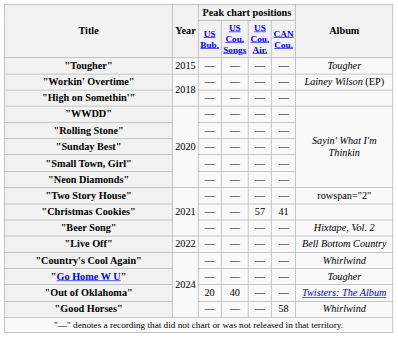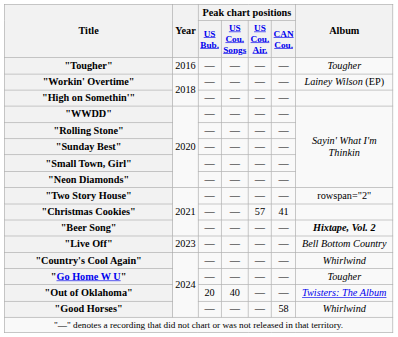 <table class="wikitable plainrowheaders" style="text-align:center;">
 <tr>
 <th scope="col" rowspan="2" style="width:16em;">Title</th>
 <th scope="col" rowspan="2">Year</th>
 <th scope="col" colspan="4">Peak chart positions</th>
 <th scope="col" rowspan="2">Album</th>
 </tr>
 <tr>
 <th scope="col" style="width:2em;font-size:90%;"><a href='#'>US<br>Bub.</a><br></th>
 <th scope="col" style="width:2em;font-size:90%;"><a href='#'>US<br>Cou.<br>Songs</a><br></th>
 <th scope="col" style="width:2em;font-size:90%;"><a href='#'>US<br>Cou.<br>Air.</a><br></th>
 <th scope="col" style="width:2em;font-size:90%;"><a href='#'>CAN<br>Cou.</a><br></th>
 </tr>
 <tr>
 <th scope="row">"Tougher"</th>
-<td>2015</td>
+<td>2016</td>
 <td>—</td>
 <td>—</td>
 <td>—</td>
 <td>—</td>
 <td><em>Tougher</em></td>
 </tr>
 <tr>
 <th scope="row">"Workin' Overtime"</th>
 <td rowspan="2">2018</td>
 <td>—</td>
 <td>—</td>
 <td>—</td>
 <td>—</td>
 <td><em>Lainey Wilson</em> (EP)</td>
 </tr>
 <tr>
 <th scope="row">"High on Somethin'"</th>
 <td>—</td>
 <td>—</td>
 <td>—</td>
 <td>—</td>
 <td></td>
 </tr>
 <tr>
 <th scope="row">"WWDD"</th>
 <td rowspan="5">2020</td>
 <td>—</td>
 <td>—</td>
 <td>—</td>
 <td>—</td>
 <td rowspan="5"><em>Sayin' What I'm Thinkin</em></td>
 </tr>
 <tr>
 <th scope="row">"Rolling Stone"</th>
 <td>—</td>
 <td>—</td>
 <td>—</td>
 <td>—</td>
 </tr>
 <tr>
 <th scope="row">"Sunday Best"</th>
 <td>—</td>
 <td>—</td>
 <td>—</td>
 <td>—</td>
 </tr>
 <tr>
 <th scope="row">"Small Town, Girl"</th>
 <td>—</td>
 <td>—</td>
 <td>—</td>
 <td>—</td>
 </tr>
 <tr>
 <th scope="row">"Neon Diamonds"</th>
 <td>—</td>
 <td>—</td>
 <td>—</td>
 <td>—</td>
 </tr>
 <tr>
 <th scope="row">"Two Story House"</th>
 <td rowspan="3">2021</td>
 <td>—</td>
 <td>—</td>
 <td>—</td>
 <td>—</td>
 <td>rowspan="2" </td>
 </tr>
 <tr>
 <th scope="row">"Christmas Cookies"</th>
 <td>—</td>
 <td>—</td>
 <td>57</td>
 <td>41</td>
 </tr>
 <tr>
 <th scope="row">"Beer Song"<br></th>
 <td>—</td>
 <td>—</td>
 <td>—</td>
 <td>—</td>
-<td><em>Hixtape, Vol. 2</em></td>
+<td><strong><em>Hixtape, Vol. 2</em></strong></td>
 </tr>
 <tr>
 <th scope="row">"Live Off"</th>
-<td>2022</td>
+<td>2023</td>
 <td>—</td>
 <td>—</td>
 <td>—</td>
 <td>—</td>
 <td><em>Bell Bottom Country</em></td>
 </tr>
 <tr>
 <th scope="row">"Country's Cool Again"</th>
 <td rowspan="4">2024</td>
 <td>—</td>
 <td>—</td>
 <td>—</td>
 <td>—</td>
 <td><em>Whirlwind</em></td>
 </tr>
 <tr>
 <th scope="row">"<a href='#'>Go Home W U</a>"<br></th>
 <td>—</td>
 <td>—</td>
 <td>—</td>
 <td>—</td>
 <td><em>Tougher</em></td>
 </tr>
 <tr>
 <th scope="row">"Out of Oklahoma"</th>
 <td>20</td>
 <td>40</td>
 <td>—</td>
 <td>—</td>
 <td><em><a href='#'>Twisters: The Album</a></em></td>
 </tr>
 <tr>
 <th scope="row">"Good Horses"<br></th>
 <td>—</td>
 <td>—</td>
 <td>—</td>
 <td>58</td>
 <td><em>Whirlwind</em></td>
 </tr>
 <tr>
 <td colspan="7" style="font-size:90%">"—" denotes a recording that did not chart or was not released in that territory.</td>
 </tr>
 </table>
